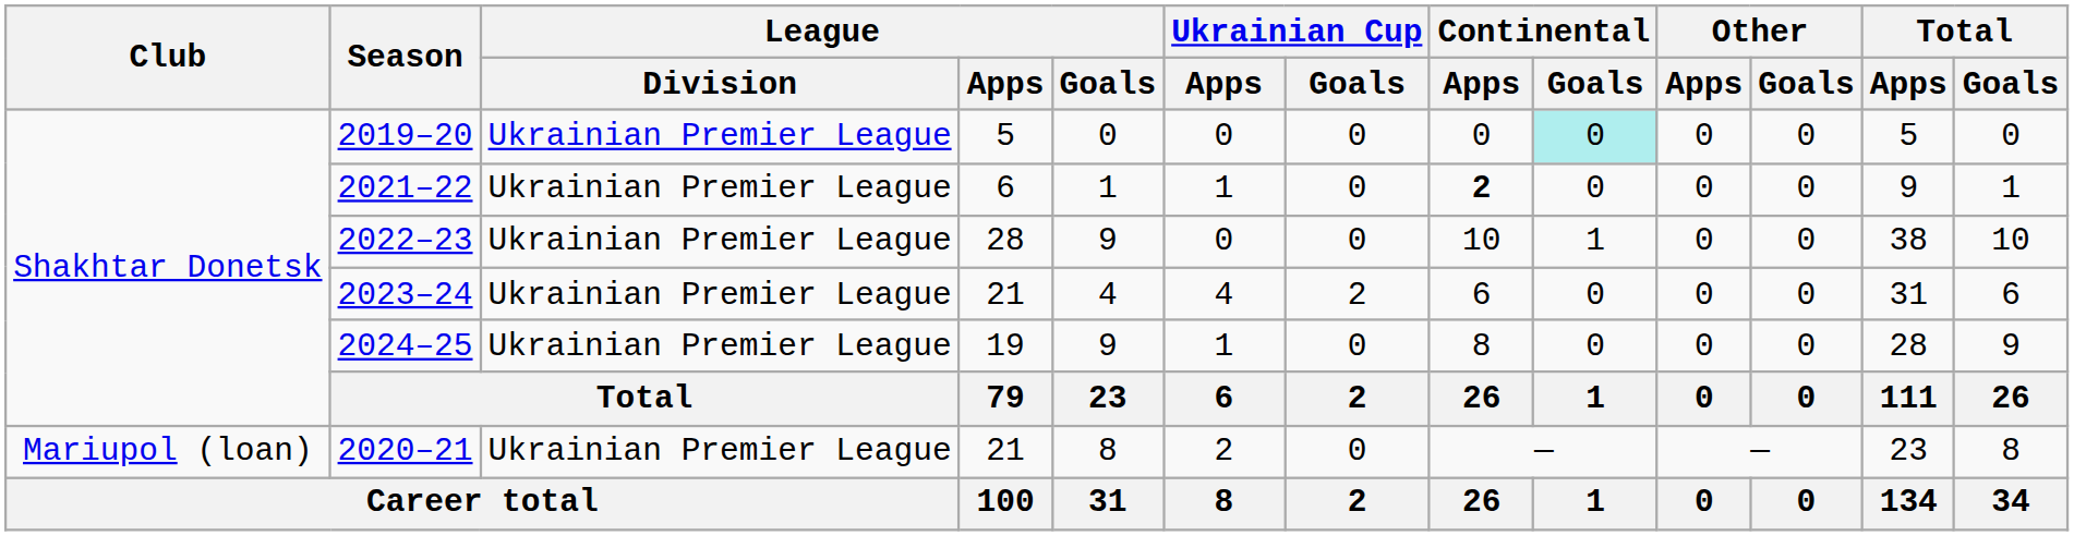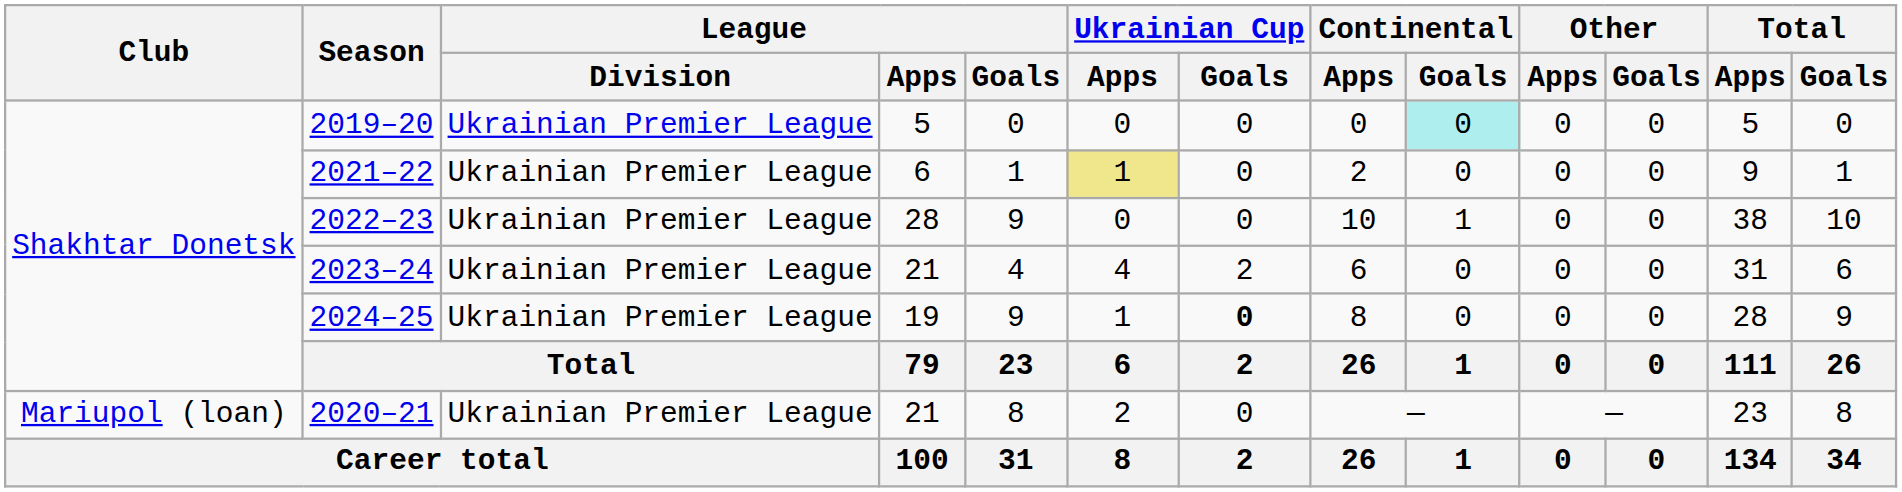 <table class="wikitable" style="text-align:center">
 <tr>
 <th rowspan="2">Club</th>
 <th rowspan="2">Season</th>
 <th colspan="3">League</th>
 <th colspan="2"><a href='#'>Ukrainian Cup</a></th>
 <th colspan="2">Continental</th>
 <th colspan="2">Other</th>
 <th colspan="2">Total</th>
 </tr>
 <tr>
 <th>Division</th>
 <th>Apps</th>
 <th>Goals</th>
 <th>Apps</th>
 <th>Goals</th>
 <th>Apps</th>
 <th>Goals</th>
 <th>Apps</th>
 <th>Goals</th>
 <th>Apps</th>
 <th>Goals</th>
 </tr>
 <tr>
 <td rowspan="6"><a href='#'>Shakhtar Donetsk</a></td>
 <td><a href='#'>2019–20</a></td>
 <td><a href='#'>Ukrainian Premier League</a></td>
 <td>5</td>
 <td>0</td>
 <td>0</td>
 <td>0</td>
 <td>0</td>
 <td style="background: paleturquoise;">0</td>
 <td>0</td>
 <td>0</td>
 <td>5</td>
 <td>0</td>
 </tr>
 <tr>
 <td><a href='#'>2021–22</a></td>
 <td>Ukrainian Premier League</td>
 <td>6</td>
 <td>1</td>
-<td>1</td>
+<td style="background: khaki;">1</td>
 <td>0</td>
-<td><strong>2</strong></td>
+<td>2</td>
 <td>0</td>
 <td>0</td>
 <td>0</td>
 <td>9</td>
 <td>1</td>
 </tr>
 <tr>
 <td><a href='#'>2022–23</a></td>
 <td>Ukrainian Premier League</td>
 <td>28</td>
 <td>9</td>
 <td>0</td>
 <td>0</td>
 <td>10</td>
 <td>1</td>
 <td>0</td>
 <td>0</td>
 <td>38</td>
 <td>10</td>
 </tr>
 <tr>
 <td><a href='#'>2023–24</a></td>
 <td>Ukrainian Premier League</td>
 <td>21</td>
 <td>4</td>
 <td>4</td>
 <td>2</td>
 <td>6</td>
 <td>0</td>
 <td>0</td>
 <td>0</td>
 <td>31</td>
 <td>6</td>
 </tr>
 <tr>
 <td><a href='#'>2024–25</a></td>
 <td>Ukrainian Premier League</td>
 <td>19</td>
 <td>9</td>
 <td>1</td>
-<td>0</td>
+<td><strong>0</strong></td>
 <td>8</td>
 <td>0</td>
 <td>0</td>
 <td>0</td>
 <td>28</td>
 <td>9</td>
 </tr>
 <tr>
 <th colspan="2">Total</th>
 <th>79</th>
 <th>23</th>
 <th>6</th>
 <th>2</th>
 <th>26</th>
 <th>1</th>
 <th>0</th>
 <th>0</th>
 <th>111</th>
 <th>26</th>
 </tr>
 <tr>
 <td><a href='#'>Mariupol</a> (loan)</td>
 <td><a href='#'>2020–21</a></td>
 <td>Ukrainian Premier League</td>
 <td>21</td>
 <td>8</td>
 <td>2</td>
 <td>0</td>
 <td colspan="2">—</td>
 <td colspan="2">—</td>
 <td>23</td>
 <td>8</td>
 </tr>
 <tr>
 <th colspan="3">Career total</th>
 <th>100</th>
 <th>31</th>
 <th>8</th>
 <th>2</th>
 <th>26</th>
 <th>1</th>
 <th>0</th>
 <th>0</th>
 <th>134</th>
 <th>34</th>
 </tr>
 </table>
